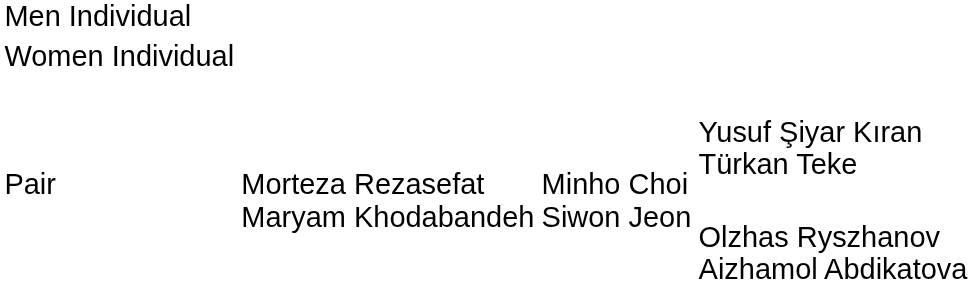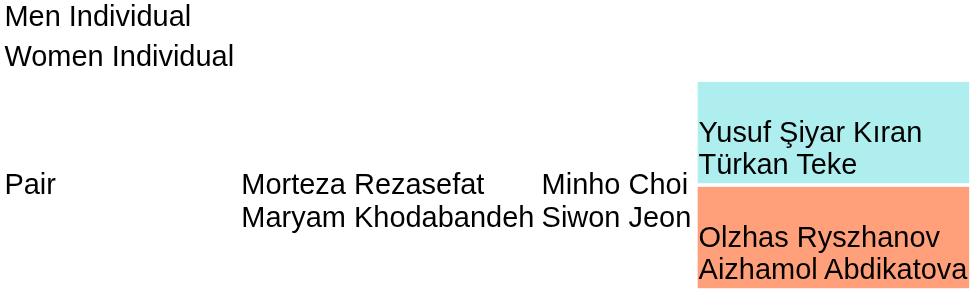 <table>
 <tr>
 <td rowspan=2>Men Individual</td>
 <td rowspan=2></td>
 <td rowspan=2></td>
 <td></td>
 </tr>
 <tr>
 <td></td>
 </tr>
 <tr>
 <td rowspan=2>Women Individual</td>
 <td rowspan=2></td>
 <td rowspan=2></td>
 <td></td>
 </tr>
 <tr>
 <td></td>
 </tr>
 <tr>
 </tr>
 <tr>
 <td rowspan=2>Pair</td>
 <td rowspan=2><br>Morteza Rezasefat<br>Maryam Khodabandeh</td>
 <td rowspan=2><br>Minho Choi<br>Siwon Jeon</td>
-<td><br>Yusuf Şiyar Kıran<br>Türkan Teke</td>
+<td style="background: paleturquoise;"><br>Yusuf Şiyar Kıran<br>Türkan Teke</td>
 </tr>
 <tr>
-<td><br>Olzhas Ryszhanov<br>Aizhamol Abdikatova</td>
+<td style="background: lightsalmon;"><br>Olzhas Ryszhanov<br>Aizhamol Abdikatova</td>
 </tr>
 </table>
